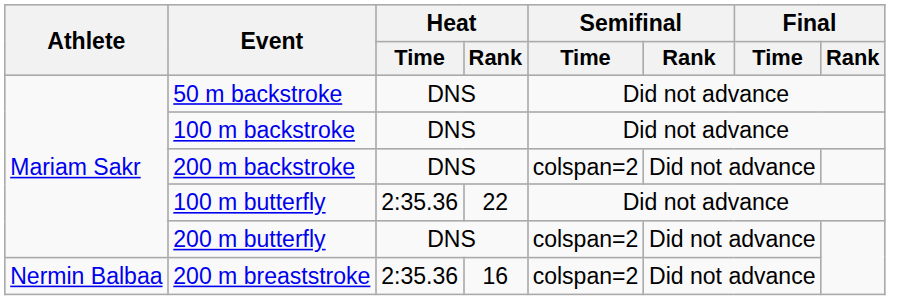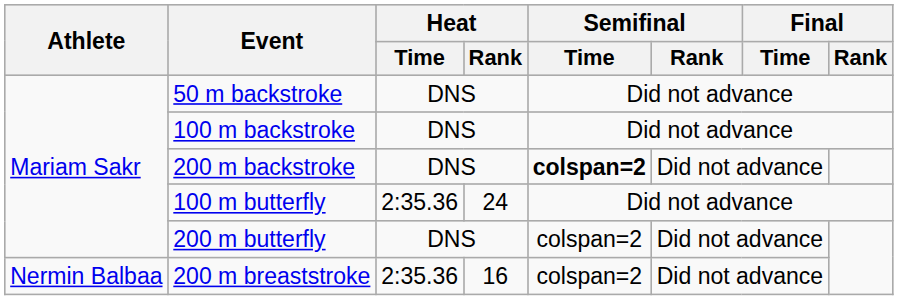 <table class=wikitable style="font-size:90%">
 <tr>
 <th rowspan=2>Athlete</th>
 <th rowspan=2>Event</th>
 <th colspan="2">Heat</th>
 <th colspan="2">Semifinal</th>
 <th colspan="2">Final</th>
 </tr>
 <tr style="font-size:95%">
 <th>Time</th>
 <th>Rank</th>
 <th>Time</th>
 <th>Rank</th>
 <th>Time</th>
 <th>Rank</th>
 </tr>
 <tr align=center>
 <td align=left rowspan=5><a href='#'>Mariam Sakr</a></td>
 <td align=left><a href='#'>50 m backstroke</a></td>
 <td colspan=2>DNS</td>
 <td colspan=4>Did not advance</td>
 </tr>
 <tr align=center>
 <td align=left><a href='#'>100 m backstroke</a></td>
 <td colspan=2>DNS</td>
 <td colspan=4>Did not advance</td>
 </tr>
 <tr align=center>
 <td align=left><a href='#'>200 m backstroke</a></td>
 <td colspan=2>DNS</td>
-<td>colspan=2 </td>
+<td><strong>colspan=2 </strong></td>
 <td colspan=2>Did not advance</td>
 </tr>
 <tr align=center>
 <td align=left><a href='#'>100 m butterfly</a></td>
 <td>2:35.36</td>
-<td>22</td>
+<td>24</td>
 <td colspan=4>Did not advance</td>
 </tr>
 <tr align=center>
 <td align=left><a href='#'>200 m butterfly</a></td>
 <td colspan=2>DNS</td>
 <td>colspan=2 </td>
 <td colspan=2>Did not advance</td>
 </tr>
 <tr align=center>
 <td align=left><a href='#'>Nermin Balbaa</a></td>
 <td align=left><a href='#'>200 m breaststroke</a></td>
 <td>2:35.36</td>
 <td>16</td>
 <td>colspan=2 </td>
 <td colspan=2>Did not advance</td>
 </tr>
 </table>
